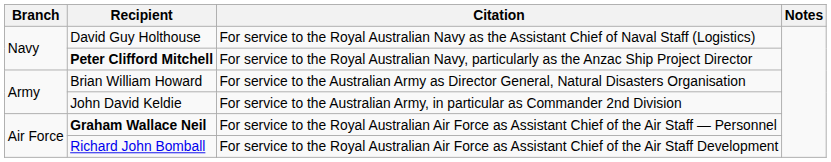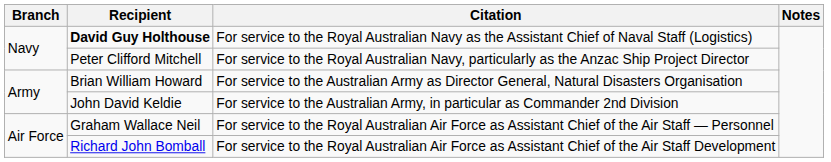 <table class="wikitable" style="font-size:95%;">
 <tr>
 <th>Branch</th>
 <th>Recipient</th>
 <th>Citation</th>
 <th>Notes</th>
 </tr>
 <tr>
 <td rowspan=2>Navy</td>
-<td> David Guy Holthouse</td>
+<td><strong> David Guy Holthouse</strong></td>
 <td>For service to the Royal Australian Navy as the Assistant Chief of Naval Staff (Logistics)</td>
 <td rowspan=6></td>
 </tr>
 <tr>
-<td><strong> Peter Clifford Mitchell </strong></td>
+<td> Peter Clifford Mitchell </td>
 <td>For service to the Royal Australian Navy, particularly as the Anzac Ship Project Director</td>
 </tr>
 <tr>
 <td rowspan=2>Army</td>
 <td> Brian William Howard </td>
 <td>For service to the Australian Army as Director General, Natural Disasters Organisation</td>
 </tr>
 <tr>
 <td> John David Keldie</td>
 <td>For service to the Australian Army, in particular as Commander 2nd Division</td>
 </tr>
 <tr>
 <td rowspan=2>Air Force</td>
-<td><strong> Graham Wallace Neil</strong></td>
+<td> Graham Wallace Neil</td>
 <td>For service to the Royal Australian Air Force as Assistant Chief of the Air Staff — Personnel</td>
 </tr>
 <tr>
 <td> <a href='#'>Richard John Bomball</a></td>
 <td>For service to the Royal Australian Air Force as Assistant Chief of the Air Staff Development</td>
 </tr>
 </table>
